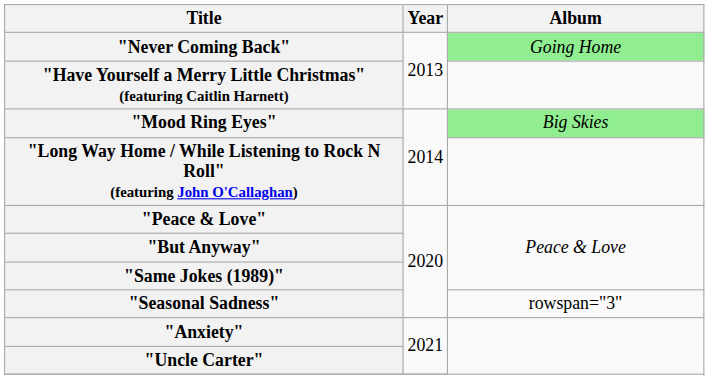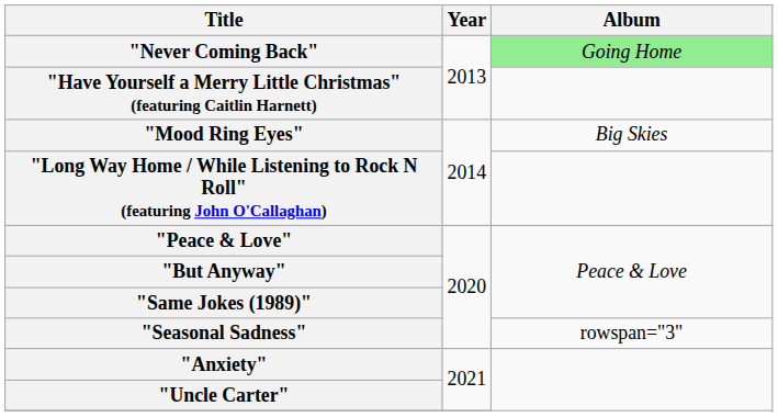 <table class="wikitable plainrowheaders" style="text-align:center;">
 <tr>
 <th scope="col" style="width:22em;">Title</th>
 <th scope="col">Year</th>
 <th scope="col" style="width:14em;">Album</th>
 </tr>
 <tr>
 <th scope="row">"Never Coming Back"</th>
 <td rowspan="2">2013</td>
 <td style="background: lightgreen;"><em>Going Home</em></td>
 </tr>
 <tr>
 <th scope="row">"Have Yourself a Merry Little Christmas"<br><small>(featuring Caitlin Harnett)</small></th>
 <td></td>
 </tr>
 <tr>
 <th scope="row">"Mood Ring Eyes"</th>
 <td rowspan="2">2014</td>
-<td style="background: lightgreen;"><em>Big Skies</em></td>
+<td><em>Big Skies</em></td>
 </tr>
 <tr>
 <th scope="row">"Long Way Home / While Listening to Rock N Roll"<br><small>(featuring <a href='#'>John O'Callaghan</a>)</small></th>
 <td></td>
 </tr>
 <tr>
 <th scope="row">"Peace & Love"</th>
 <td rowspan="4">2020</td>
 <td rowspan="3"><em>Peace & Love</em></td>
 </tr>
 <tr>
 <th scope="row">"But Anyway"</th>
 </tr>
 <tr>
 <th scope="row">"Same Jokes (1989)"</th>
 </tr>
 <tr>
 <th scope="row">"Seasonal Sadness"</th>
 <td>rowspan="3" </td>
 </tr>
 <tr>
 <th scope="row">"Anxiety"</th>
 <td rowspan="2">2021</td>
 </tr>
 <tr>
 <th scope="row">"Uncle Carter"</th>
 </tr>
 <tr>
 </tr>
 </table>
